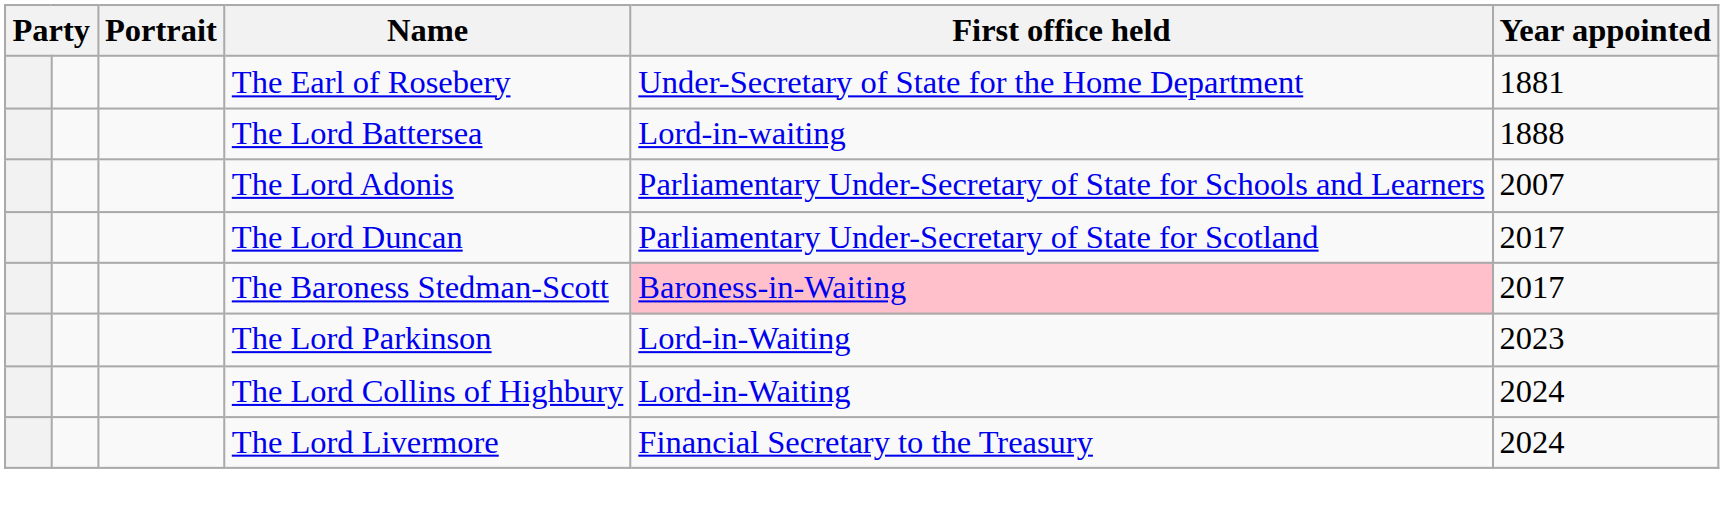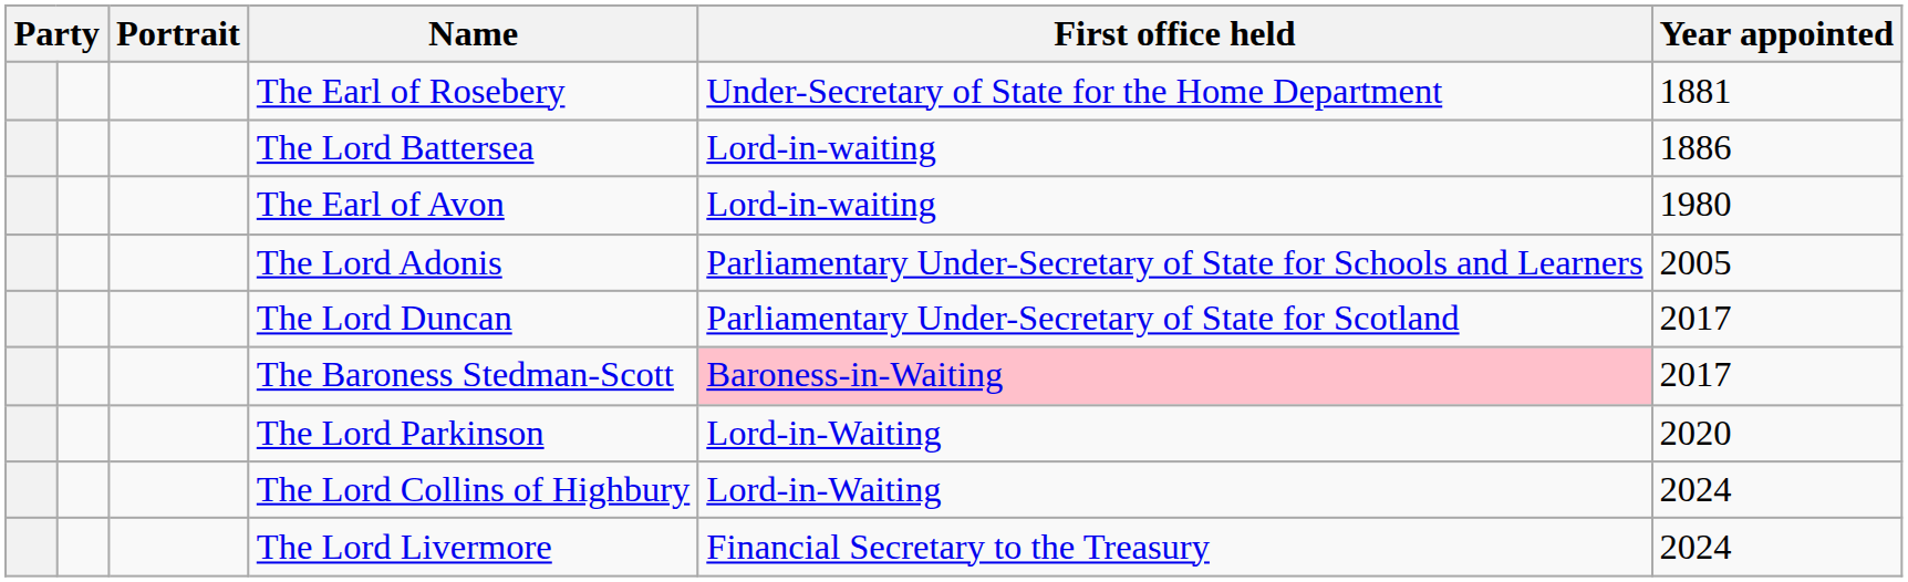 <table class="wikitable sortable">
 <tr>
 <th colspan=2>Party</th>
 <th>Portrait</th>
 <th>Name</th>
 <th>First office held</th>
 <th>Year appointed</th>
 </tr>
 <tr>
 <th style="background-color: "></th>
 <td></td>
 <td></td>
 <td><a href='#'>The Earl of Rosebery</a></td>
 <td><a href='#'>Under-Secretary of State for the Home Department</a></td>
 <td>1881</td>
 </tr>
 <tr>
 <th style="background-color: "></th>
 <td></td>
 <td></td>
 <td><a href='#'>The Lord Battersea</a></td>
 <td><a href='#'>Lord-in-waiting</a></td>
-<td>1888</td>
+<td>1886</td>
+</tr>
+<tr>
+<th style="background-color: "></th>
+<td></td>
+<td></td>
+<td><a href='#'>The Earl of Avon</a></td>
+<td><a href='#'>Lord-in-waiting</a></td>
+<td>1980</td>
 </tr>
 <tr>
 <th style="background-color: "></th>
 <td></td>
 <td></td>
 <td><a href='#'>The Lord Adonis</a></td>
 <td><a href='#'>Parliamentary Under-Secretary of State for Schools and Learners</a></td>
-<td>2007</td>
+<td>2005</td>
 </tr>
 <tr>
 <th style="background-color: "></th>
 <td></td>
 <td></td>
 <td><a href='#'>The Lord Duncan</a></td>
 <td><a href='#'>Parliamentary Under-Secretary of State for Scotland</a></td>
 <td>2017</td>
 </tr>
 <tr>
 <th style="background-color: "></th>
 <td></td>
 <td></td>
 <td><a href='#'>The Baroness Stedman-Scott</a></td>
 <td style="background: pink;"><a href='#'>Baroness-in-Waiting</a></td>
 <td>2017</td>
 </tr>
 <tr>
 <th style="background-color: "></th>
 <td></td>
 <td></td>
 <td><a href='#'>The Lord Parkinson</a></td>
 <td><a href='#'>Lord-in-Waiting</a></td>
-<td>2023</td>
+<td>2020</td>
 </tr>
 <tr>
 <th style="background-color: "></th>
 <td></td>
 <td></td>
 <td><a href='#'>The Lord Collins of Highbury</a></td>
 <td><a href='#'>Lord-in-Waiting</a></td>
 <td>2024</td>
 </tr>
 <tr>
 <th style="background-color: "></th>
 <td></td>
 <td></td>
 <td><a href='#'>The Lord Livermore</a></td>
 <td><a href='#'>Financial Secretary to the Treasury</a></td>
 <td>2024</td>
 </tr>
 </table>
